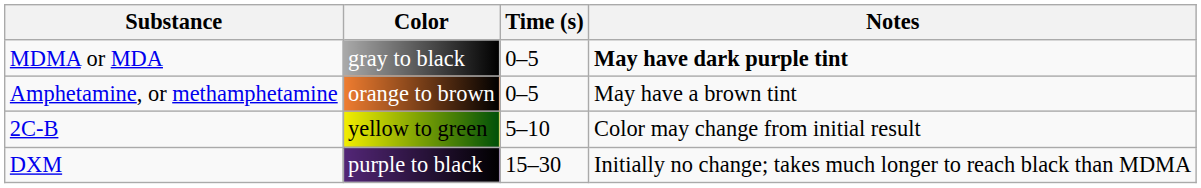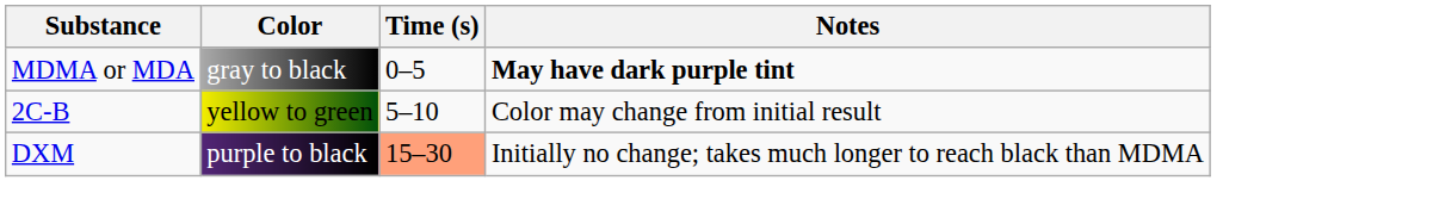 <table class="wikitable sortable">
 <tr>
 <th>Substance</th>
 <th>Color</th>
 <th>Time (s)</th>
 <th>Notes</th>
 </tr>
 <tr>
 <td><a href='#'>MDMA</a> or <a href='#'>MDA</a></td>
 <td style="background-image: linear-gradient(to right, #aaaaaa, #000000); color:white">gray to black</td>
 <td>0–5</td>
 <td><strong>May have dark purple tint</strong></td>
 </tr>
 <tr>
-<td><a href='#'>Amphetamine</a>, or <a href='#'>methamphetamine</a></td>
-<td style="background-image: linear-gradient(to right, #f07d30, #000000); color:white">orange to brown</td>
-<td>0–5</td>
-<td>May have a brown tint</td>
-</tr>
-<tr>
 <td><a href='#'>2C-B</a></td>
 <td style="background-image: linear-gradient(to right, #f4ee00,#005109);">yellow to green</td>
 <td>5–10</td>
 <td>Color may change from initial result</td>
 </tr>
 <tr>
 <td><a href='#'>DXM</a></td>
 <td style="background-image: linear-gradient(to right, #532677, #000000); color:white">purple to black</td>
-<td>15–30</td>
+<td style="background: lightsalmon;">15–30</td>
 <td>Initially no change; takes much longer to reach black than MDMA</td>
 </tr>
 </table>
